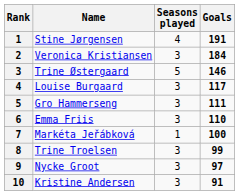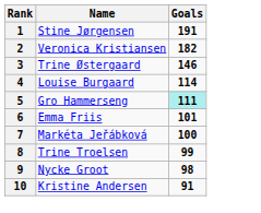 <table class="wikitable" style="text-align: center">
 <tr>
 <th>Rank</th>
 <th class="unsortable">Name</th>
-<th>Seasons<br>played</th>
 <th>Goals</th>
 </tr>
 <tr>
 <th rowspan="1">1</th>
 <td style="text-align: left;"> <a href='#'>Stine Jørgensen</a></td>
-<td>4</td>
 <td><strong>191</strong></td>
 </tr>
 <tr>
 <th rowspan="1">2</th>
 <td style="text-align: left;"> <a href='#'>Veronica Kristiansen</a></td>
-<td>3</td>
-<td><strong>184</strong></td>
+<td><strong>182</strong></td>
 </tr>
 <tr>
 <th rowspan="1">3</th>
 <td style="text-align: left;"> <a href='#'>Trine Østergaard</a></td>
-<td>5</td>
 <td><strong>146</strong></td>
 </tr>
 <tr>
 <th rowspan="1">4</th>
 <td style="text-align: left;"> <a href='#'>Louise Burgaard</a></td>
-<td>3</td>
-<td><strong>117</strong></td>
+<td><strong>114</strong></td>
 </tr>
 <tr>
 <th rowspan="1">5</th>
 <td style="text-align: left;"> <a href='#'>Gro Hammerseng</a></td>
-<td>3</td>
-<td><strong>111</strong></td>
+<td style="background: paleturquoise;"><strong>111</strong></td>
 </tr>
 <tr>
 <th rowspan="1">6</th>
 <td style="text-align: left;"> <a href='#'>Emma Friis</a></td>
-<td>3</td>
-<td><strong>110</strong></td>
+<td><strong>101</strong></td>
 </tr>
 <tr>
 <th rowspan="1">7</th>
 <td style="text-align: left;"> <a href='#'>Markéta Jeřábková</a></td>
-<td>1</td>
 <td><strong>100</strong></td>
 </tr>
 <tr>
 <th rowspan="1">8</th>
 <td style="text-align: left;"> <a href='#'>Trine Troelsen</a></td>
-<td>3</td>
 <td><strong>99</strong></td>
 </tr>
 <tr>
 <th rowspan="1">9</th>
 <td style="text-align: left;"> <a href='#'>Nycke Groot</a></td>
-<td>3</td>
-<td><strong>97</strong></td>
+<td><strong>98</strong></td>
 </tr>
 <tr>
 <th rowspan="1">10</th>
 <td style="text-align: left;"> <a href='#'>Kristine Andersen</a></td>
-<td>3</td>
 <td><strong>91</strong></td>
 </tr>
 </table>
